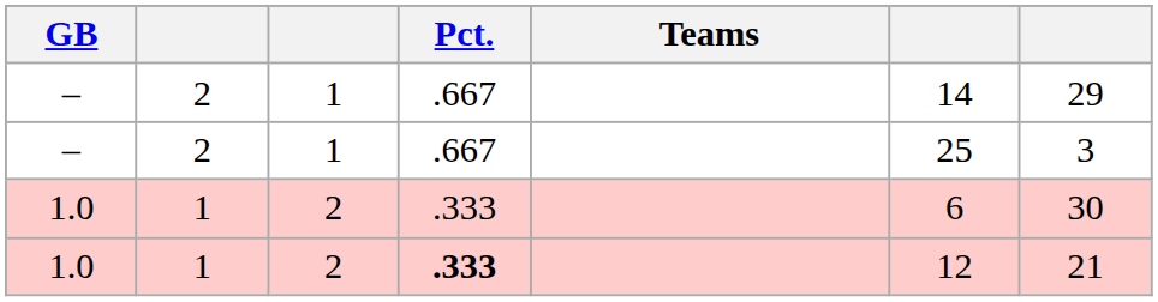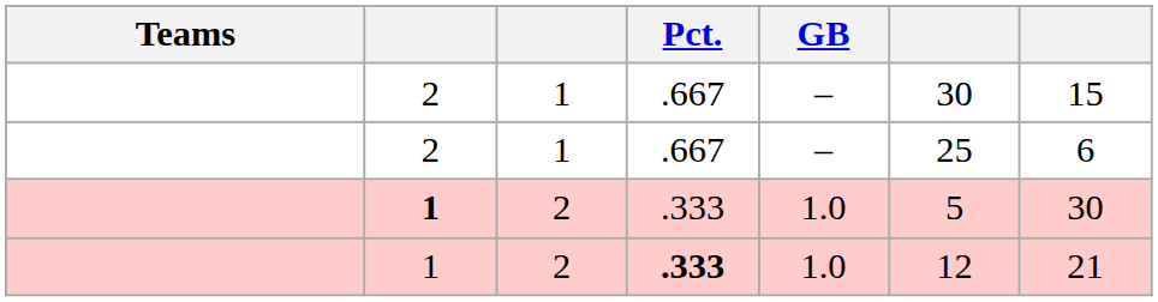 <table class="wikitable" style="text-align:center;">
 <tr>
-<th width=50px><a href='#'>GB</a></th>
+<th width=150px>Teams</th>
 <th width=50px></th>
 <th width=50px></th>
 <th width=50px><a href='#'>Pct.</a></th>
-<th width=150px>Teams</th>
+<th width=50px><a href='#'>GB</a></th>
 <th width=50px></th>
 <th width=50px></th>
 </tr>
 <tr style="background-color:#fff">
-<td>–</td>
+<td align=left></td>
 <td>2</td>
 <td>1</td>
 <td>.667</td>
-<td align=left></td>
-<td>14</td>
-<td>29</td>
+<td>–</td>
+<td>30</td>
+<td>15</td>
 </tr>
 <tr style="background-color:#fff">
-<td>–</td>
+<td align=left></td>
 <td>2</td>
 <td>1</td>
 <td>.667</td>
-<td align=left></td>
+<td>–</td>
 <td>25</td>
-<td>3</td>
+<td>6</td>
 </tr>
 <tr style="background-color:#fcc">
-<td>1.0</td>
-<td>1</td>
+<td align=left></td>
+<td><strong>1</strong></td>
 <td>2</td>
 <td>.333</td>
-<td align=left></td>
-<td>6</td>
+<td>1.0</td>
+<td>5</td>
 <td>30</td>
 </tr>
 <tr style="background-color:#fcc">
-<td>1.0</td>
+<td align=left></td>
 <td>1</td>
 <td>2</td>
 <td><strong>.333</strong></td>
-<td align=left></td>
+<td>1.0</td>
 <td>12</td>
 <td>21</td>
 </tr>
 </table>
